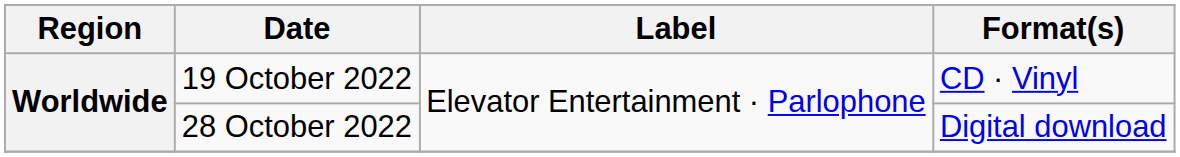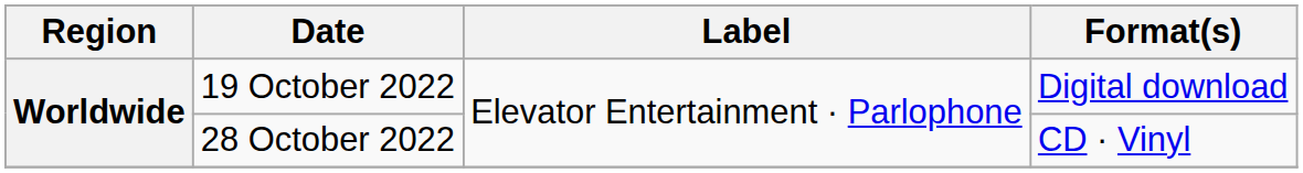 <table class="wikitable plainrowheaders">
 <tr>
 <th>Region</th>
 <th>Date</th>
 <th>Label</th>
 <th>Format(s)</th>
 </tr>
 <tr>
 <th scope="row" rowspan="2">Worldwide</th>
 <td>19 October 2022</td>
 <td rowspan="2">Elevator Entertainment · <a href='#'>Parlophone</a></td>
-<td><a href='#'>CD</a> · <a href='#'>Vinyl</a></td>
+<td><a href='#'>Digital download</a></td>
 </tr>
 <tr>
 <td>28 October 2022</td>
-<td><a href='#'>Digital download</a></td>
+<td><a href='#'>CD</a> · <a href='#'>Vinyl</a></td>
 </tr>
 <tr>
 </tr>
 </table>
